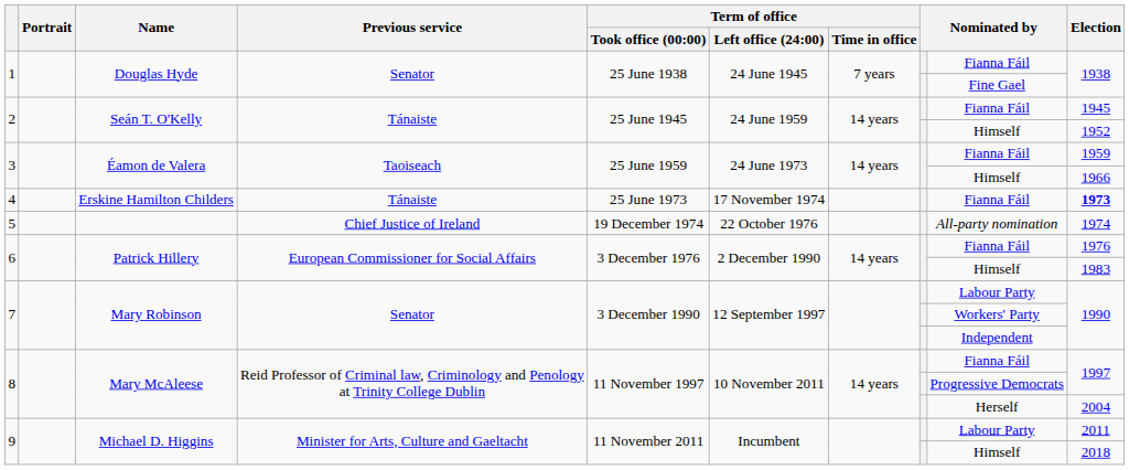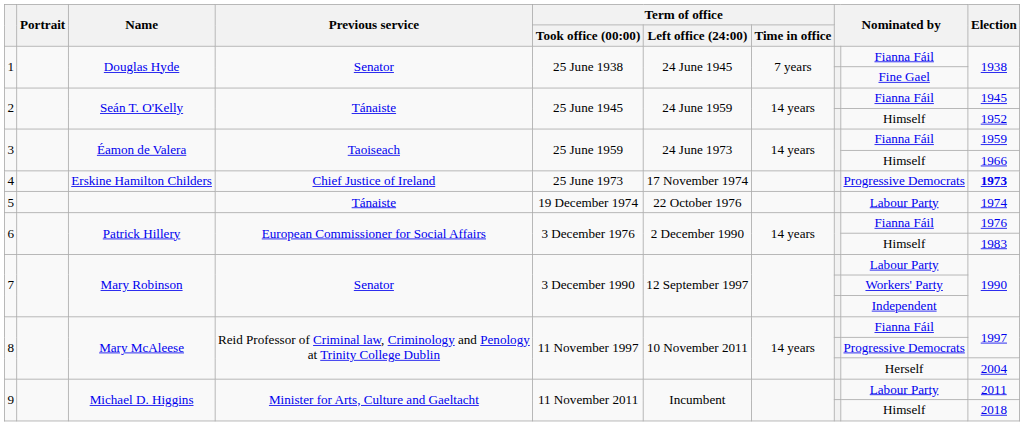 <table class="wikitable" style="text-align:center">
 <tr>
 <th rowspan=2></th>
 <th rowspan=2>Portrait</th>
 <th rowspan=2>Name<br></th>
 <th rowspan=2>Previous service</th>
 <th colspan=3>Term of office</th>
 <th colspan=2 rowspan=2>Nominated by</th>
 <th rowspan=2>Election</th>
 </tr>
 <tr>
 <th>Took office (00:00)</th>
 <th>Left office (24:00)</th>
 <th>Time in office</th>
 </tr>
 <tr>
 <td rowspan=2>1</td>
 <td rowspan=2></td>
 <td rowspan=2><a href='#'>Douglas Hyde</a><br></td>
 <td rowspan=2><a href='#'>Senator</a><br></td>
 <td rowspan=2>25 June 1938</td>
 <td rowspan=2>24 June 1945</td>
 <td rowspan=2>7 years</td>
 <th style="background-color: "></th>
 <td><a href='#'>Fianna Fáil</a></td>
 <td rowspan=2><a href='#'>1938</a></td>
 </tr>
 <tr>
 <th style="background-color: "></th>
 <td><a href='#'>Fine Gael</a></td>
 </tr>
 <tr>
 <td rowspan=2>2</td>
 <td rowspan=2></td>
 <td rowspan=2><a href='#'>Seán T. O'Kelly</a><br></td>
 <td rowspan=2><a href='#'>Tánaiste</a><br></td>
 <td rowspan=2>25 June 1945</td>
 <td rowspan=2>24 June 1959</td>
 <td rowspan=2>14 years</td>
 <th style="background-color: "></th>
 <td><a href='#'>Fianna Fáil</a></td>
 <td><a href='#'>1945</a></td>
 </tr>
 <tr>
 <th style="background-color: "></th>
 <td>Himself</td>
 <td><a href='#'>1952</a></td>
 </tr>
 <tr>
 <td rowspan=2>3</td>
 <td rowspan=2></td>
 <td rowspan=2><a href='#'>Éamon de Valera</a><br></td>
 <td rowspan=2><a href='#'>Taoiseach</a><br></td>
 <td rowspan=2>25 June 1959</td>
 <td rowspan=2>24 June 1973</td>
 <td rowspan=2>14 years</td>
 <th rowspan="2" style="background-color: "></th>
 <td><a href='#'>Fianna Fáil</a></td>
 <td><a href='#'>1959</a></td>
 </tr>
 <tr>
 <td>Himself</td>
 <td><a href='#'>1966</a></td>
 </tr>
 <tr>
 <td>4</td>
 <td rowspan=1></td>
 <td><a href='#'>Erskine Hamilton Childers</a><br></td>
-<td><a href='#'>Tánaiste</a><br></td>
+<td><a href='#'>Chief Justice of Ireland</a><br></td>
 <td>25 June 1973</td>
 <td>17 November 1974</td>
 <td></td>
 <th style="background-color: "></th>
-<td><a href='#'>Fianna Fáil</a></td>
+<td><a href='#'>Progressive Democrats</a></td>
 <td><strong><a href='#'>1973</a></strong></td>
 </tr>
 <tr>
 <td>5</td>
 <td rowspan=1></td>
 <td><br></td>
-<td><a href='#'>Chief Justice of Ireland</a><br></td>
+<td><a href='#'>Tánaiste</a><br></td>
 <td>19 December 1974</td>
 <td>22 October 1976</td>
 <td></td>
 <th style="background-color: "></th>
-<td><em>All-party nomination</em></td>
+<td><a href='#'>Labour Party</a></td>
 <td><a href='#'>1974</a></td>
 </tr>
 <tr>
 <td rowspan=2>6</td>
 <td rowspan=2></td>
 <td rowspan=2><a href='#'>Patrick Hillery</a><br></td>
 <td rowspan=2><a href='#'>European Commissioner for Social Affairs</a><br></td>
 <td rowspan=2>3 December 1976</td>
 <td rowspan=2>2 December 1990</td>
 <td rowspan=2>14 years</td>
 <th rowspan="2" style="background-color: "></th>
 <td><a href='#'>Fianna Fáil</a></td>
 <td><a href='#'>1976</a></td>
 </tr>
 <tr>
 <td>Himself</td>
 <td><a href='#'>1983</a></td>
 </tr>
 <tr>
 <td rowspan=3>7</td>
 <td rowspan=3></td>
 <td rowspan=3><a href='#'>Mary Robinson</a><br></td>
 <td rowspan=3><a href='#'>Senator</a><br></td>
 <td rowspan=3>3 December 1990</td>
 <td rowspan=3>12 September 1997</td>
 <td rowspan=3></td>
 <th style="background-color: "></th>
 <td><a href='#'>Labour Party</a></td>
 <td rowspan=3><a href='#'>1990</a></td>
 </tr>
 <tr>
 <th style="background-color: "></th>
 <td><a href='#'>Workers' Party</a></td>
 </tr>
 <tr>
 <th style="background-color: "></th>
 <td><a href='#'>Independent</a></td>
 </tr>
 <tr>
 <td rowspan=3>8</td>
 <td rowspan=3></td>
 <td rowspan=3><a href='#'>Mary McAleese</a><br></td>
 <td rowspan=3>Reid Professor of <a href='#'>Criminal law</a>, <a href='#'>Criminology</a> and <a href='#'>Penology</a><br>at <a href='#'>Trinity College Dublin</a></td>
 <td rowspan=3>11 November 1997</td>
 <td rowspan=3>10 November 2011</td>
 <td rowspan=3>14 years</td>
 <th style="background-color: "></th>
 <td><a href='#'>Fianna Fáil</a></td>
 <td rowspan=2><a href='#'>1997</a></td>
 </tr>
 <tr>
 <th style="background-color: "></th>
 <td><a href='#'>Progressive Democrats</a></td>
 </tr>
 <tr>
 <th style="background-color: "></th>
 <td>Herself</td>
 <td><a href='#'>2004</a></td>
 </tr>
 <tr>
 <td rowspan=2>9</td>
 <td rowspan=2></td>
 <td rowspan=2><a href='#'>Michael D. Higgins</a><br></td>
 <td rowspan=2><a href='#'>Minister for Arts, Culture and Gaeltacht</a><br></td>
 <td rowspan=2>11 November 2011</td>
 <td rowspan=2>Incumbent</td>
 <td rowspan=2></td>
 <th style="background-color: "></th>
 <td><a href='#'>Labour Party</a></td>
 <td><a href='#'>2011</a></td>
 </tr>
 <tr>
 <th style="background-color: "></th>
 <td>Himself</td>
 <td><a href='#'>2018</a></td>
 </tr>
 </table>
